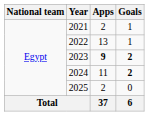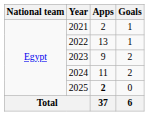 <table class=wikitable style=text-align:center>
 <tr>
 <th>National team</th>
 <th>Year</th>
 <th>Apps</th>
 <th>Goals</th>
 </tr>
 <tr>
 <td rowspan="5"><a href='#'>Egypt</a></td>
 <td>2021</td>
 <td>2</td>
 <td>1</td>
 </tr>
 <tr>
 <td>2022</td>
 <td>13</td>
 <td>1</td>
 </tr>
 <tr>
 <td>2023</td>
-<td><strong>9</strong></td>
-<td><strong>2</strong></td>
+<td>9</td>
+<td>2</td>
 </tr>
 <tr>
 <td>2024</td>
 <td>11</td>
-<td><strong>2</strong></td>
+<td>2</td>
 </tr>
 <tr>
 <td>2025</td>
-<td>2</td>
+<td><strong>2</strong></td>
 <td>0</td>
 </tr>
 <tr>
 <th colspan="2">Total</th>
 <th>37</th>
 <th>6</th>
 </tr>
 </table>
